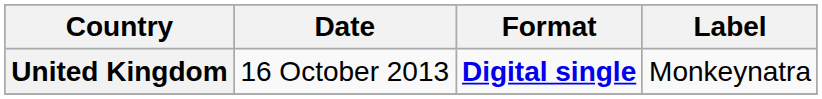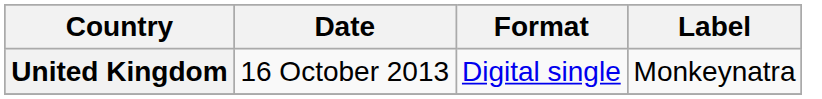 <table class="wikitable plainrowheaders">
 <tr>
 <th scope="col">Country</th>
 <th scope="col">Date</th>
 <th scope="col">Format</th>
 <th scope="col">Label</th>
 </tr>
 <tr>
 <th scope="row">United Kingdom</th>
 <td>16 October 2013</td>
-<td><strong><a href='#'>Digital single</a></strong></td>
+<td><a href='#'>Digital single</a></td>
 <td>Monkeynatra</td>
 </tr>
 <tr>
 </tr>
 </table>
